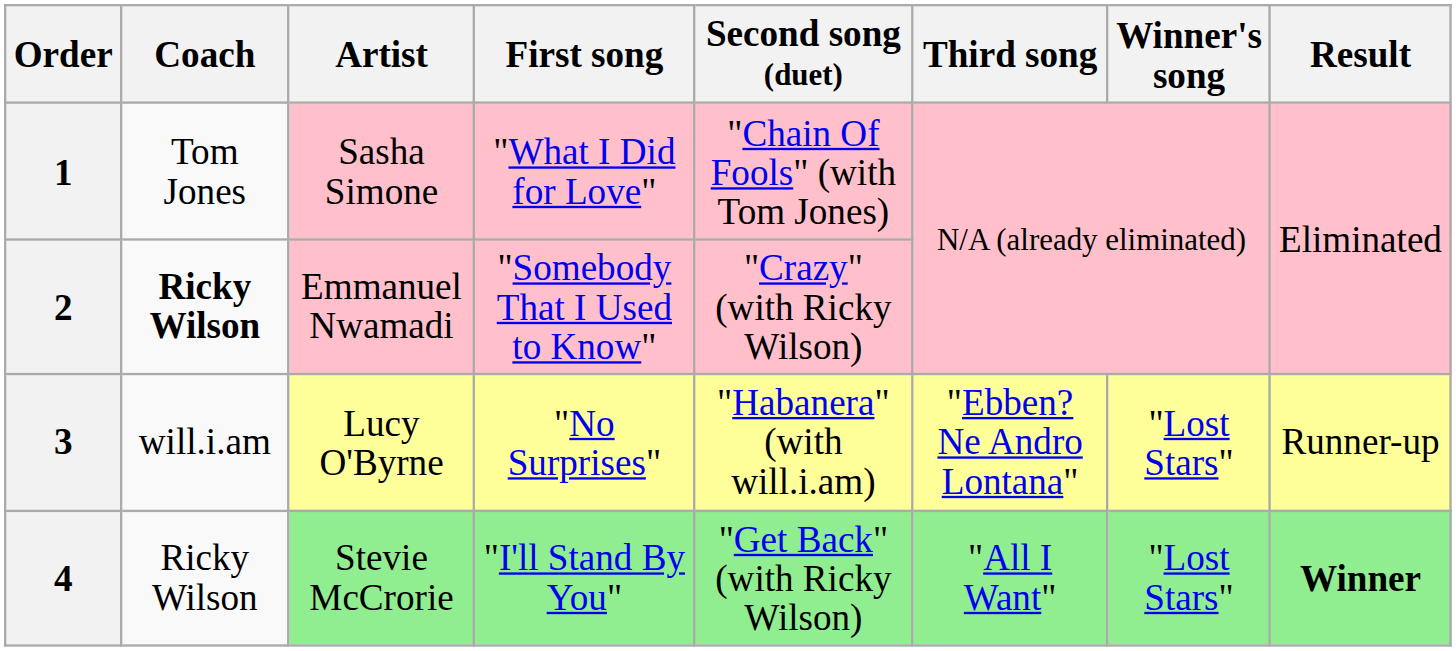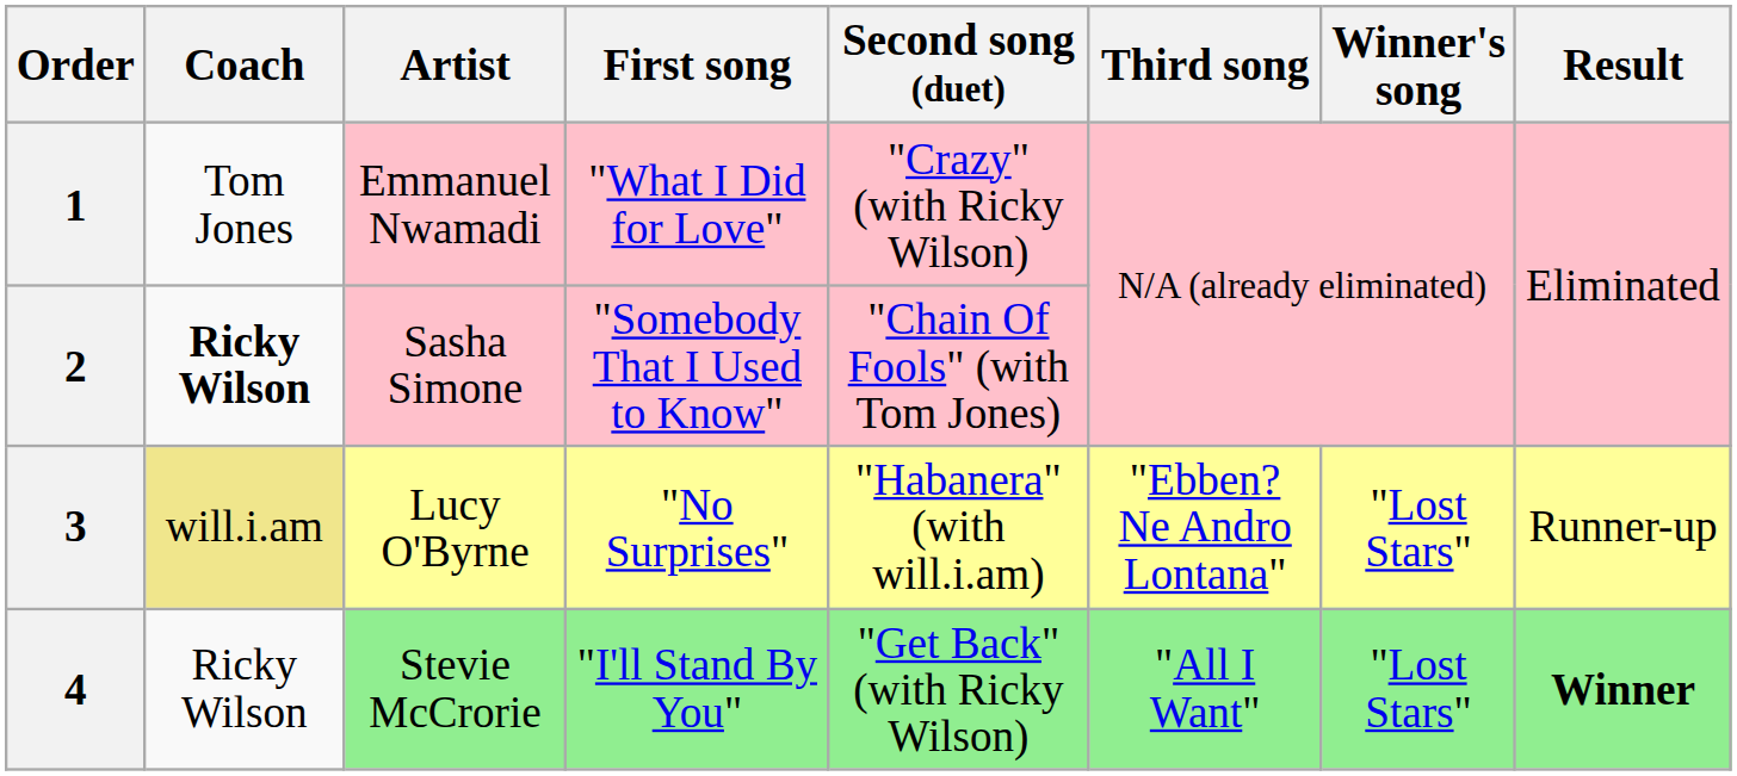 <table class="wikitable" style="text-align:center; line-height:17px; width:100%;">
 <tr>
 <th scope="col" style="width:05%;">Order</th>
 <th scope="col" style="width:14%;">Coach</th>
 <th scope="col" style="width:14%;">Artist</th>
 <th scope="col" style="width:19%;">First song</th>
 <th scope="col" style="width:19%;">Second song <small>(duet)</small></th>
 <th scope="col" style="width:19%;">Third song</th>
 <th scope="col" style="width:19%;">Winner's song</th>
 <th scope="col" style="width:10%;">Result</th>
 </tr>
 <tr>
 <th scope="col">1</th>
 <td>Tom Jones</td>
-<td bgcolor=pink>Sasha Simone</td>
+<td bgcolor=pink>Emmanuel Nwamadi</td>
 <td bgcolor=pink>"<a href='#'>What I Did for Love</a>"</td>
-<td bgcolor=pink>"<a href='#'>Chain Of Fools</a>" (with Tom Jones)</td>
+<td bgcolor=pink>"<a href='#'>Crazy</a>" (with Ricky Wilson)</td>
 <td colspan="2" rowspan="2" bgcolor="pink"><small>N/A (already eliminated)</small></td>
 <td rowspan="2" bgcolor="pink">Eliminated</td>
 </tr>
 <tr>
 <th scope="col">2</th>
 <td><strong>Ricky Wilson</strong></td>
-<td bgcolor=pink>Emmanuel Nwamadi</td>
+<td bgcolor=pink>Sasha Simone</td>
 <td bgcolor=pink>"<a href='#'>Somebody That I Used to Know</a>"</td>
-<td bgcolor=pink>"<a href='#'>Crazy</a>" (with Ricky Wilson)</td>
+<td bgcolor=pink>"<a href='#'>Chain Of Fools</a>" (with Tom Jones)</td>
 </tr>
 <tr>
 <th scope="col">3</th>
-<td>will.i.am</td>
+<td style="background: khaki;">will.i.am</td>
 <td style="background:#ff9;">Lucy O'Byrne</td>
 <td style="background:#ff9;">"<a href='#'>No Surprises</a>"</td>
 <td style="background:#ff9;">"<a href='#'>Habanera</a>" (with will.i.am)</td>
 <td style="background:#ff9;">"<a href='#'>Ebben? Ne Andro Lontana</a>"</td>
 <td style="background:#ff9;">"<a href='#'>Lost Stars</a>"</td>
 <td style="background:#ff9;">Runner-up</td>
 </tr>
 <tr>
 <th scope="col">4</th>
 <td>Ricky Wilson</td>
 <td style="background:lightgreen;">Stevie McCrorie</td>
 <td style="background:lightgreen;">"<a href='#'>I'll Stand By You</a>"</td>
 <td style="background:lightgreen;">"<a href='#'>Get Back</a>" (with Ricky Wilson)</td>
 <td style="background:lightgreen;">"<a href='#'>All I Want</a>"</td>
 <td style="background:lightgreen;">"<a href='#'>Lost Stars</a>"</td>
 <td style="background:lightgreen;"><strong>Winner</strong></td>
 </tr>
 </table>
